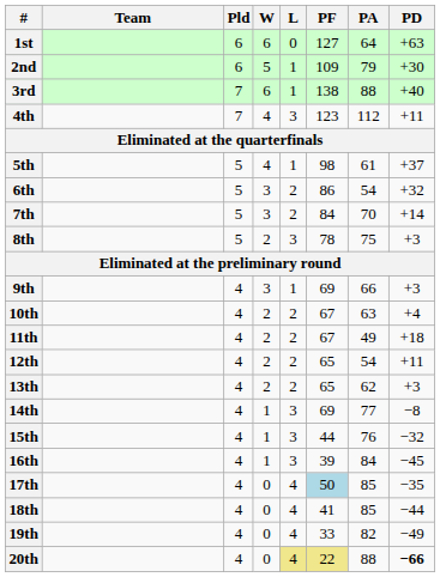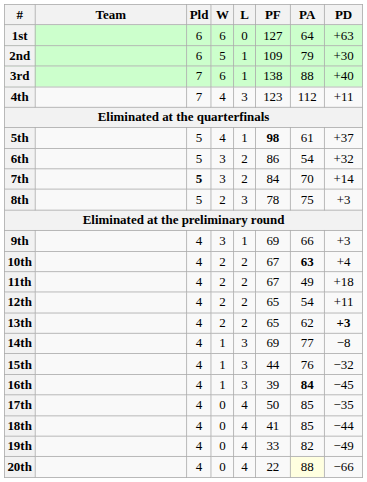 <table class=wikitable style="text-align:center;">
 <tr>
 <th>#</th>
 <th width=180px>Team</th>
 <th width=20px>Pld</th>
 <th width=20px>W</th>
 <th width=20px>L</th>
 <th width=35px>PF</th>
 <th width=35px>PA</th>
 <th width=40px>PD</th>
 </tr>
 <tr style="background: #CCFFCC;">
 <th>1st</th>
 <td align=left></td>
 <td>6</td>
 <td>6</td>
 <td>0</td>
 <td>127</td>
 <td>64</td>
 <td>+63</td>
 </tr>
 <tr style="background: #CCFFCC;">
 <th>2nd</th>
 <td align=left></td>
 <td>6</td>
 <td>5</td>
 <td>1</td>
 <td>109</td>
 <td>79</td>
 <td>+30</td>
 </tr>
 <tr style="background: #CCFFCC;">
 <th>3rd</th>
 <td align=left></td>
 <td>7</td>
 <td>6</td>
 <td>1</td>
 <td>138</td>
 <td>88</td>
 <td>+40</td>
 </tr>
 <tr>
 <th>4th</th>
 <td align=left></td>
 <td>7</td>
 <td>4</td>
 <td>3</td>
 <td>123</td>
 <td>112</td>
 <td>+11</td>
 </tr>
 <tr>
 <th colspan=8>Eliminated at the quarterfinals</th>
 </tr>
 <tr>
 <th>5th</th>
 <td align=left></td>
 <td>5</td>
 <td>4</td>
 <td>1</td>
-<td>98</td>
+<td><strong>98</strong></td>
 <td>61</td>
 <td>+37</td>
 </tr>
 <tr>
 <th>6th</th>
 <td align=left></td>
 <td>5</td>
 <td>3</td>
 <td>2</td>
 <td>86</td>
 <td>54</td>
 <td>+32</td>
 </tr>
 <tr>
 <th>7th</th>
 <td align=left></td>
-<td>5</td>
+<td><strong>5</strong></td>
 <td>3</td>
 <td>2</td>
 <td>84</td>
 <td>70</td>
 <td>+14</td>
 </tr>
 <tr>
 <th>8th</th>
 <td align=left></td>
 <td>5</td>
 <td>2</td>
 <td>3</td>
 <td>78</td>
 <td>75</td>
 <td>+3</td>
 </tr>
 <tr>
 <th colspan=8>Eliminated at the preliminary round</th>
 </tr>
 <tr>
 <th>9th</th>
 <td align=left></td>
 <td>4</td>
 <td>3</td>
 <td>1</td>
 <td>69</td>
 <td>66</td>
 <td>+3</td>
 </tr>
 <tr>
 <th>10th</th>
 <td align=left></td>
 <td>4</td>
 <td>2</td>
 <td>2</td>
 <td>67</td>
-<td>63</td>
+<td><strong>63</strong></td>
 <td>+4</td>
 </tr>
 <tr>
 <th>11th</th>
 <td align=left></td>
 <td>4</td>
 <td>2</td>
 <td>2</td>
 <td>67</td>
 <td>49</td>
 <td>+18</td>
 </tr>
 <tr>
 <th>12th</th>
 <td align=left></td>
 <td>4</td>
 <td>2</td>
 <td>2</td>
 <td>65</td>
 <td>54</td>
 <td>+11</td>
 </tr>
 <tr>
 <th>13th</th>
 <td align=left></td>
 <td>4</td>
 <td>2</td>
 <td>2</td>
 <td>65</td>
 <td>62</td>
-<td>+3</td>
+<td><strong>+3</strong></td>
 </tr>
 <tr>
 <th>14th</th>
 <td align=left></td>
 <td>4</td>
 <td>1</td>
 <td>3</td>
 <td>69</td>
 <td>77</td>
 <td>−8</td>
 </tr>
 <tr>
 <th>15th</th>
 <td align=left></td>
 <td>4</td>
 <td>1</td>
 <td>3</td>
 <td>44</td>
 <td>76</td>
 <td>−32</td>
 </tr>
 <tr>
 <th>16th</th>
 <td align=left></td>
 <td>4</td>
 <td>1</td>
 <td>3</td>
 <td>39</td>
-<td>84</td>
+<td><strong>84</strong></td>
 <td>−45</td>
 </tr>
 <tr>
 <th>17th</th>
 <td align=left></td>
 <td>4</td>
 <td>0</td>
 <td>4</td>
-<td style="background: lightblue;">50</td>
+<td>50</td>
 <td>85</td>
 <td>−35</td>
 </tr>
 <tr>
 <th>18th</th>
 <td align=left></td>
 <td>4</td>
 <td>0</td>
 <td>4</td>
 <td>41</td>
 <td>85</td>
 <td>−44</td>
 </tr>
 <tr>
 <th>19th</th>
 <td align=left></td>
 <td>4</td>
 <td>0</td>
 <td>4</td>
 <td>33</td>
 <td>82</td>
 <td>−49</td>
 </tr>
 <tr>
 <th>20th</th>
 <td align=left></td>
 <td>4</td>
 <td>0</td>
-<td style="background: khaki;">4</td>
-<td style="background: khaki;">22</td>
-<td>88</td>
-<td><strong>−66</strong></td>
+<td>4</td>
+<td>22</td>
+<td style="background: lightyellow;">88</td>
+<td>−66</td>
 </tr>
 </table>
